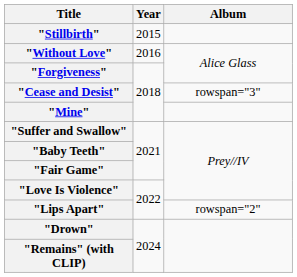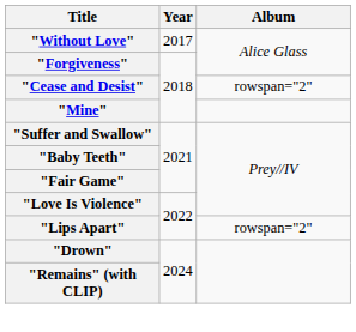 <table class="wikitable plainrowheaders" style="text-align:center">
 <tr>
 <th scope="col" style="width:10em;">Title</th>
 <th scope="col" style="width:1em;">Year</th>
 <th scope="col" style="width:10em;">Album</th>
 </tr>
 <tr>
-<th scope="row">"<a href='#'>Stillbirth</a>"</th>
-<td>2015</td>
-<td></td>
-</tr>
-<tr>
 <th scope="row">"<a href='#'>Without Love</a>"</th>
-<td>2016</td>
+<td>2017</td>
 <td rowspan="2"><em>Alice Glass</em></td>
 </tr>
 <tr>
 <th scope="row">"<a href='#'>Forgiveness</a>"</th>
 <td rowspan="3">2018</td>
 </tr>
 <tr>
 <th scope="row">"<a href='#'>Cease and Desist</a>"</th>
-<td>rowspan="3" </td>
+<td>rowspan="2" </td>
 </tr>
 <tr>
 <th scope="row">"<a href='#'>Mine</a>"</th>
 </tr>
 <tr>
 <th scope="row">"Suffer and Swallow"</th>
 <td rowspan="3">2021</td>
 <td rowspan="4"><em>Prey//IV</em></td>
 </tr>
 <tr>
 <th scope="row">"Baby Teeth"</th>
 </tr>
 <tr>
 <th scope="row">"Fair Game"</th>
 </tr>
 <tr>
 <th scope="row">"Love Is Violence"</th>
 <td rowspan="2">2022</td>
 </tr>
 <tr>
 <th scope="row">"Lips Apart"</th>
 <td>rowspan="2" </td>
 </tr>
 <tr>
 <th scope="row">"Drown"</th>
 <td rowspan="2">2024</td>
 </tr>
 <tr>
 <th scope="row">"Remains" (with CLIP)</th>
 </tr>
 </table>
